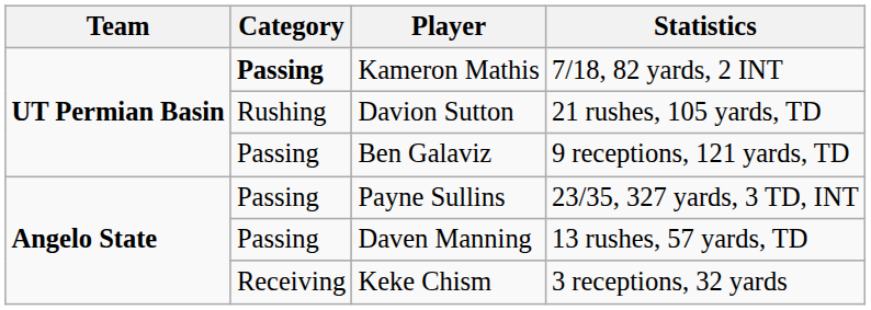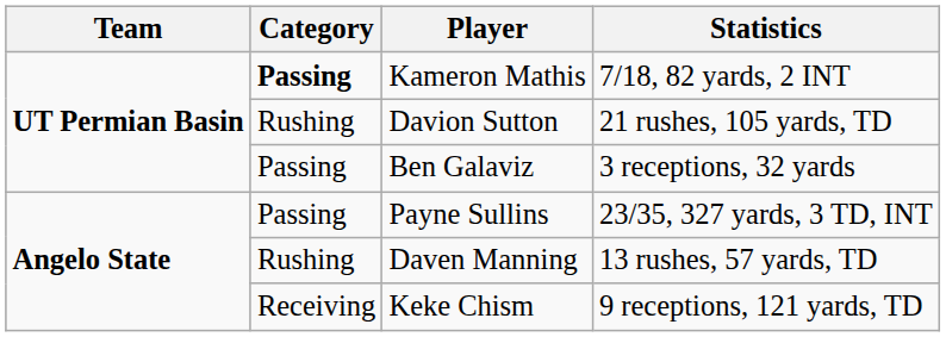 <table class="wikitable" style="float: right;">
 <tr>
 <th>Team</th>
 <th>Category</th>
 <th>Player</th>
 <th>Statistics</th>
 </tr>
 <tr>
 <td rowspan=3><strong>UT Permian Basin</strong></td>
 <td><strong>Passing</strong></td>
 <td>Kameron Mathis</td>
 <td>7/18, 82 yards, 2 INT</td>
 </tr>
 <tr>
 <td>Rushing</td>
 <td>Davion Sutton</td>
 <td>21 rushes, 105 yards, TD</td>
 </tr>
 <tr>
 <td>Passing</td>
 <td>Ben Galaviz</td>
-<td>9 receptions, 121 yards, TD</td>
+<td>3 receptions, 32 yards</td>
 </tr>
 <tr>
 <td rowspan=3><strong>Angelo State</strong></td>
 <td>Passing</td>
 <td>Payne Sullins</td>
 <td>23/35, 327 yards, 3 TD, INT</td>
 </tr>
 <tr>
-<td>Passing</td>
+<td>Rushing</td>
 <td>Daven Manning</td>
 <td>13 rushes, 57 yards, TD</td>
 </tr>
 <tr>
 <td>Receiving</td>
 <td>Keke Chism</td>
-<td>3 receptions, 32 yards</td>
+<td>9 receptions, 121 yards, TD</td>
 </tr>
 </table>
